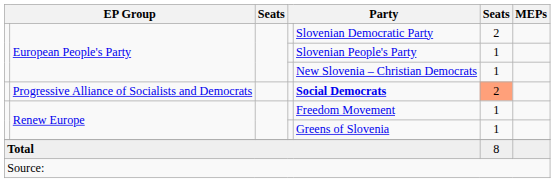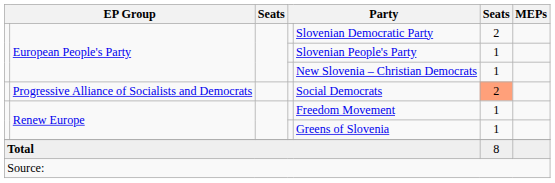 <table class="wikitable">
 <tr>
 <th colspan=2>EP Group</th>
 <th>Seats</th>
 <th colspan=2>Party</th>
 <th>Seats</th>
 <th>MEPs</th>
 </tr>
 <tr>
 <td rowspan="3"></td>
 <td rowspan="3"><a href='#'>European People's Party</a></td>
 <td rowspan="3"></td>
 <td style="background:"></td>
 <td><a href='#'>Slovenian Democratic Party</a></td>
 <td align=center>2</td>
 <td></td>
 </tr>
 <tr>
 <td style="background:"></td>
 <td><a href='#'>Slovenian People's Party</a></td>
 <td align=center>1</td>
 <td></td>
 </tr>
 <tr>
 <td style="background:"></td>
 <td><a href='#'>New Slovenia – Christian Democrats</a></td>
 <td align=center>1</td>
 <td></td>
 </tr>
 <tr>
 <td></td>
 <td><a href='#'>Progressive Alliance of Socialists and Democrats</a></td>
 <td></td>
 <td style="background:"></td>
-<td><strong><a href='#'>Social Democrats</a></strong></td>
+<td><a href='#'>Social Democrats</a></td>
 <td align=center style="background: lightsalmon;">2</td>
 <td></td>
 </tr>
 <tr>
 <td rowspan="2"></td>
 <td rowspan="2"><a href='#'>Renew Europe</a></td>
 <td rowspan="2"></td>
 <td style="background:"></td>
 <td><a href='#'>Freedom Movement</a></td>
 <td align=center>1</td>
 <td></td>
 </tr>
 <tr>
 <td style="background:"></td>
 <td><a href='#'>Greens of Slovenia</a></td>
 <td align=center>1</td>
 <td></td>
 </tr>
 <tr>
 </tr>
 <tr bgcolor="EFEFEF">
 <td colspan=5 align=left><strong>Total</strong></td>
 <td align=center>8</td>
 <td></td>
 </tr>
 <tr>
 <td colspan="7">Source: </td>
 </tr>
 </table>
